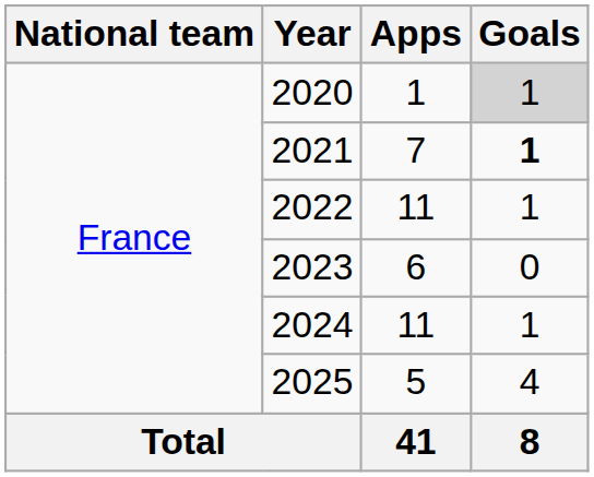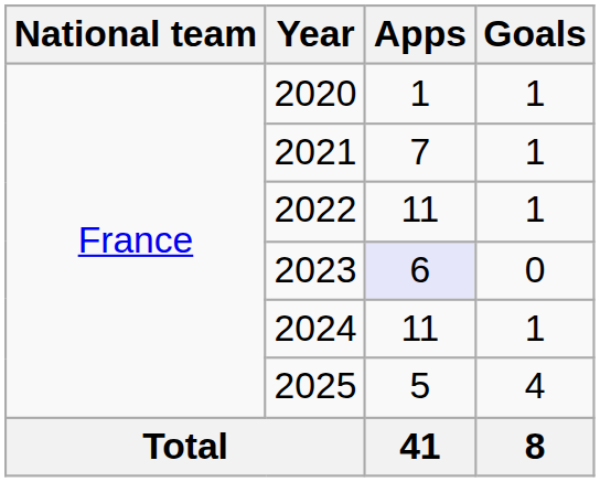 <table class="wikitable" style="text-align:center">
 <tr>
 <th>National team</th>
 <th>Year</th>
 <th>Apps</th>
 <th>Goals</th>
 </tr>
 <tr>
 <td rowspan="6"><a href='#'>France</a></td>
 <td>2020</td>
 <td>1</td>
-<td style="background: lightgrey;">1</td>
+<td>1</td>
 </tr>
 <tr>
 <td>2021</td>
 <td>7</td>
-<td><strong>1</strong></td>
+<td>1</td>
 </tr>
 <tr>
 <td>2022</td>
 <td>11</td>
 <td>1</td>
 </tr>
 <tr>
 <td>2023</td>
-<td>6</td>
+<td style="background: lavender;">6</td>
 <td>0</td>
 </tr>
 <tr>
 <td>2024</td>
 <td>11</td>
 <td>1</td>
 </tr>
 <tr>
 <td>2025</td>
 <td>5</td>
 <td>4</td>
 </tr>
 <tr>
 <th colspan="2">Total</th>
 <th>41</th>
 <th>8</th>
 </tr>
 </table>
